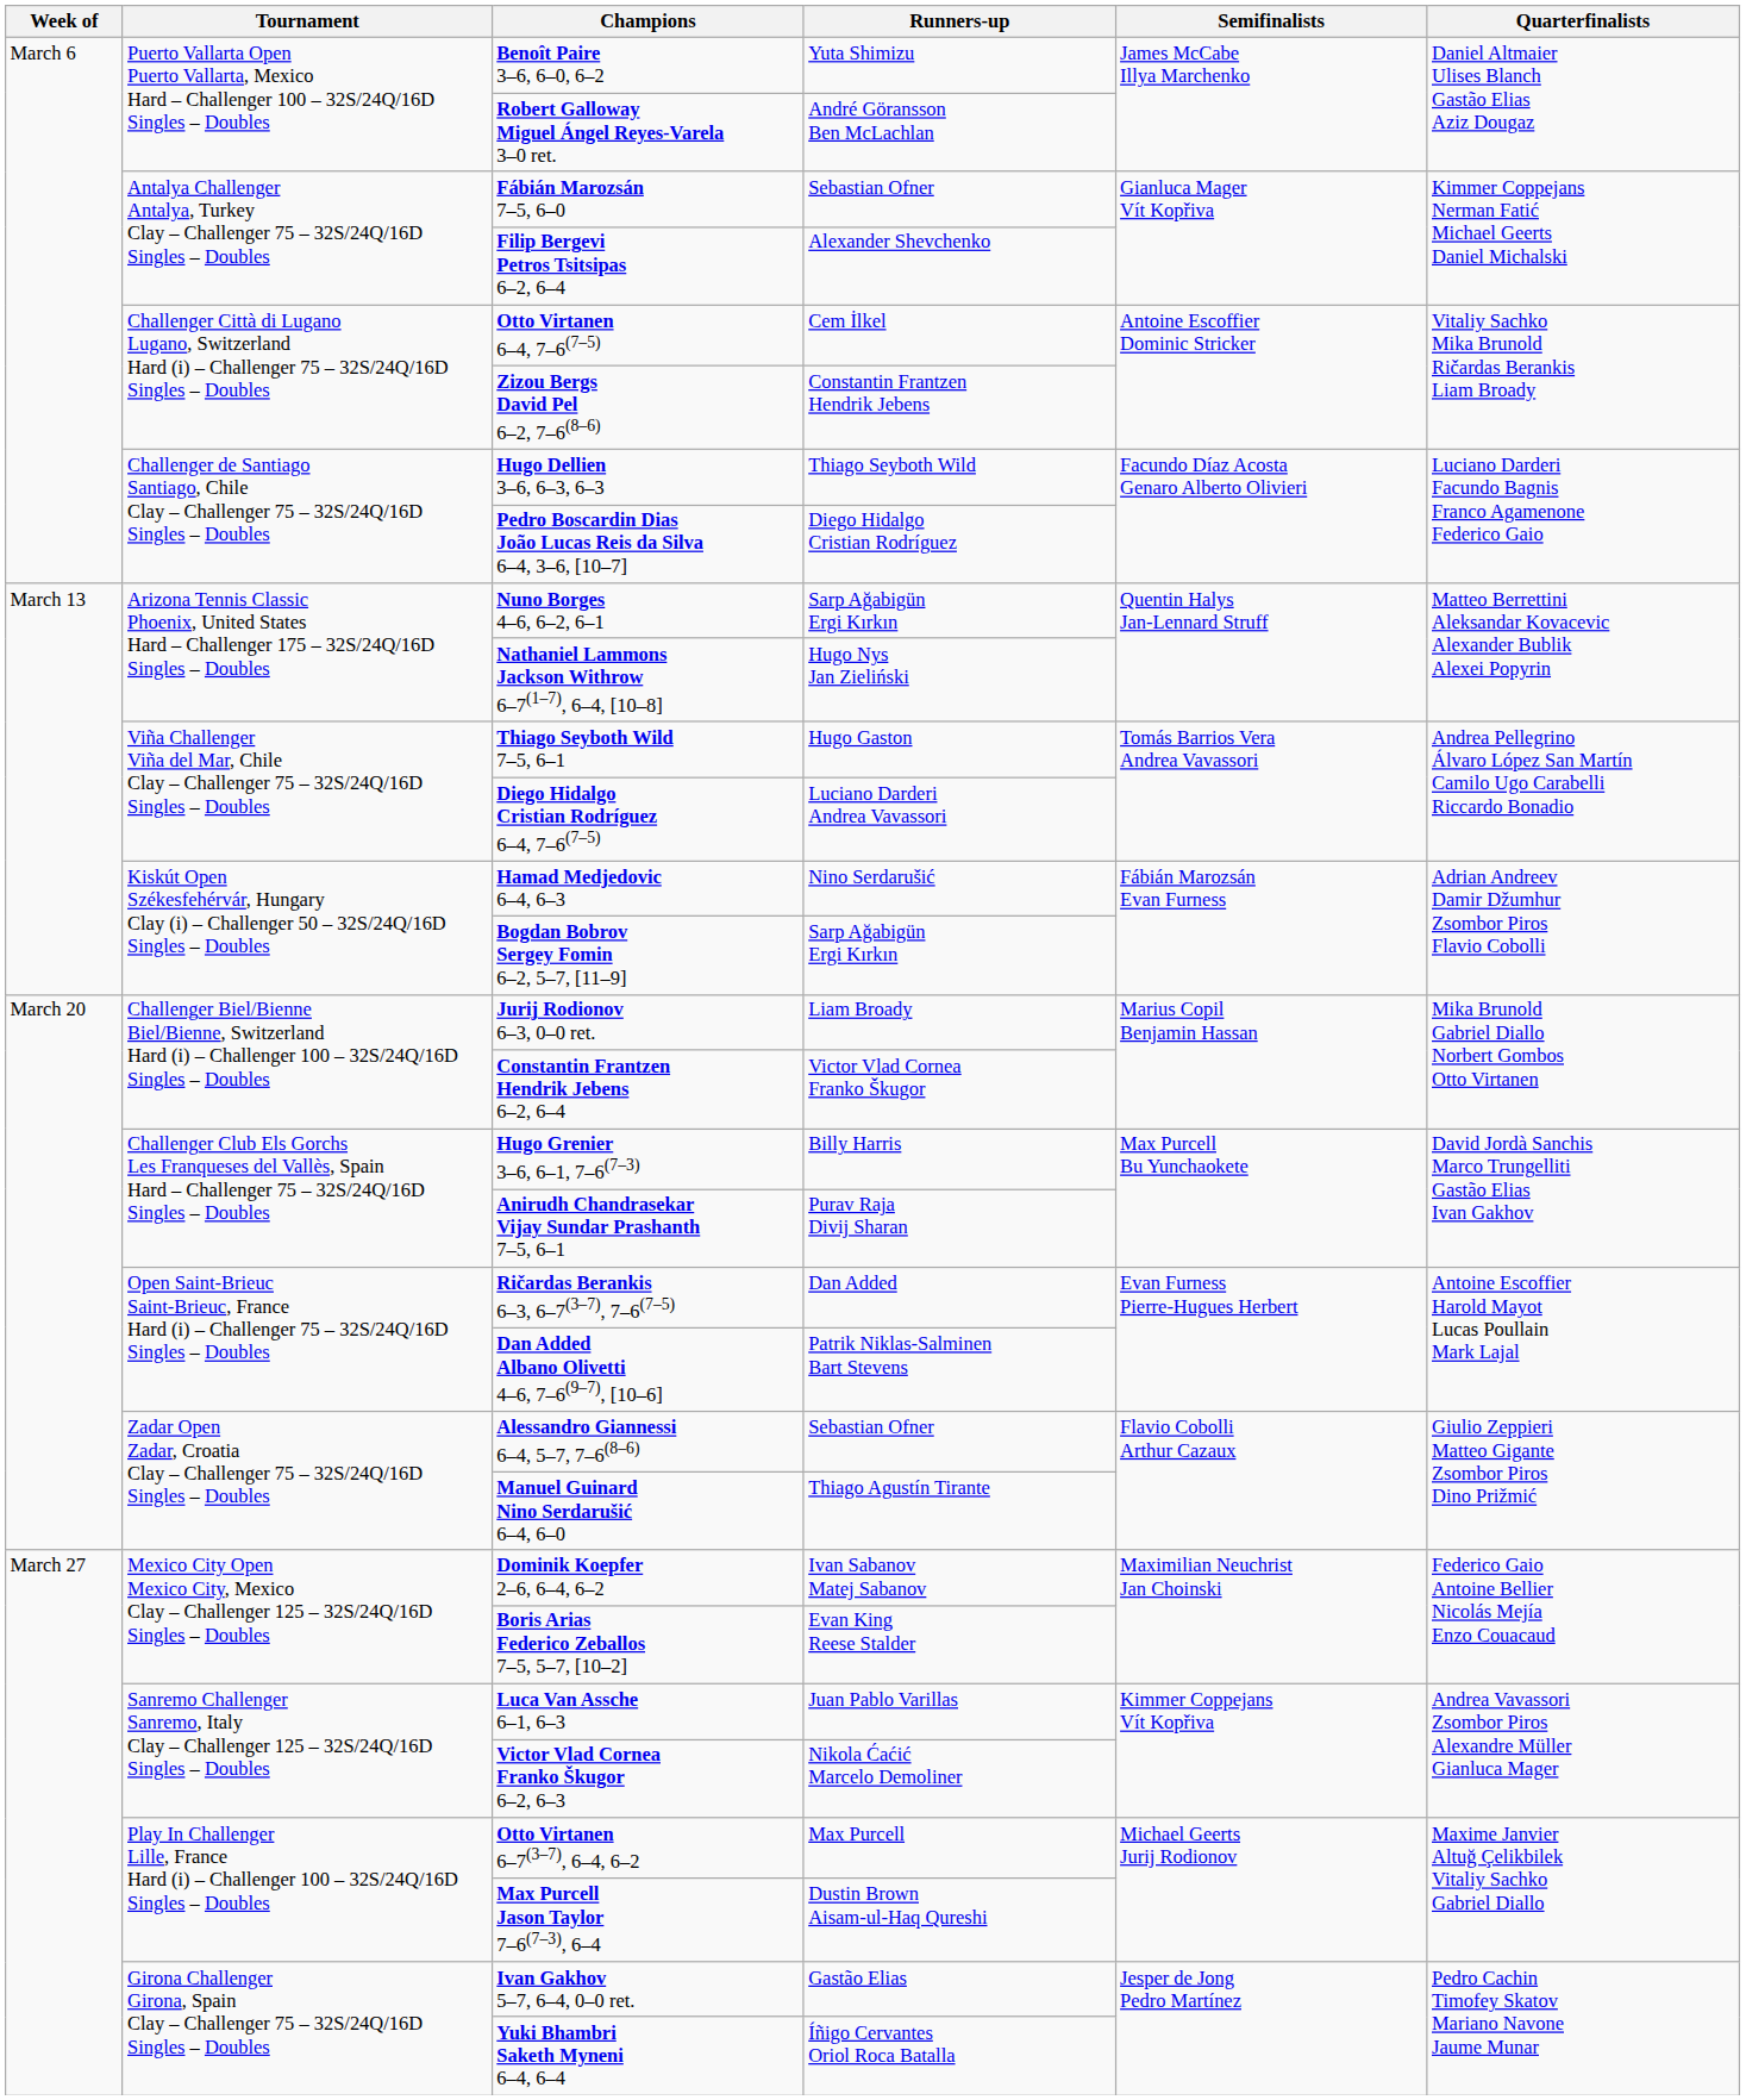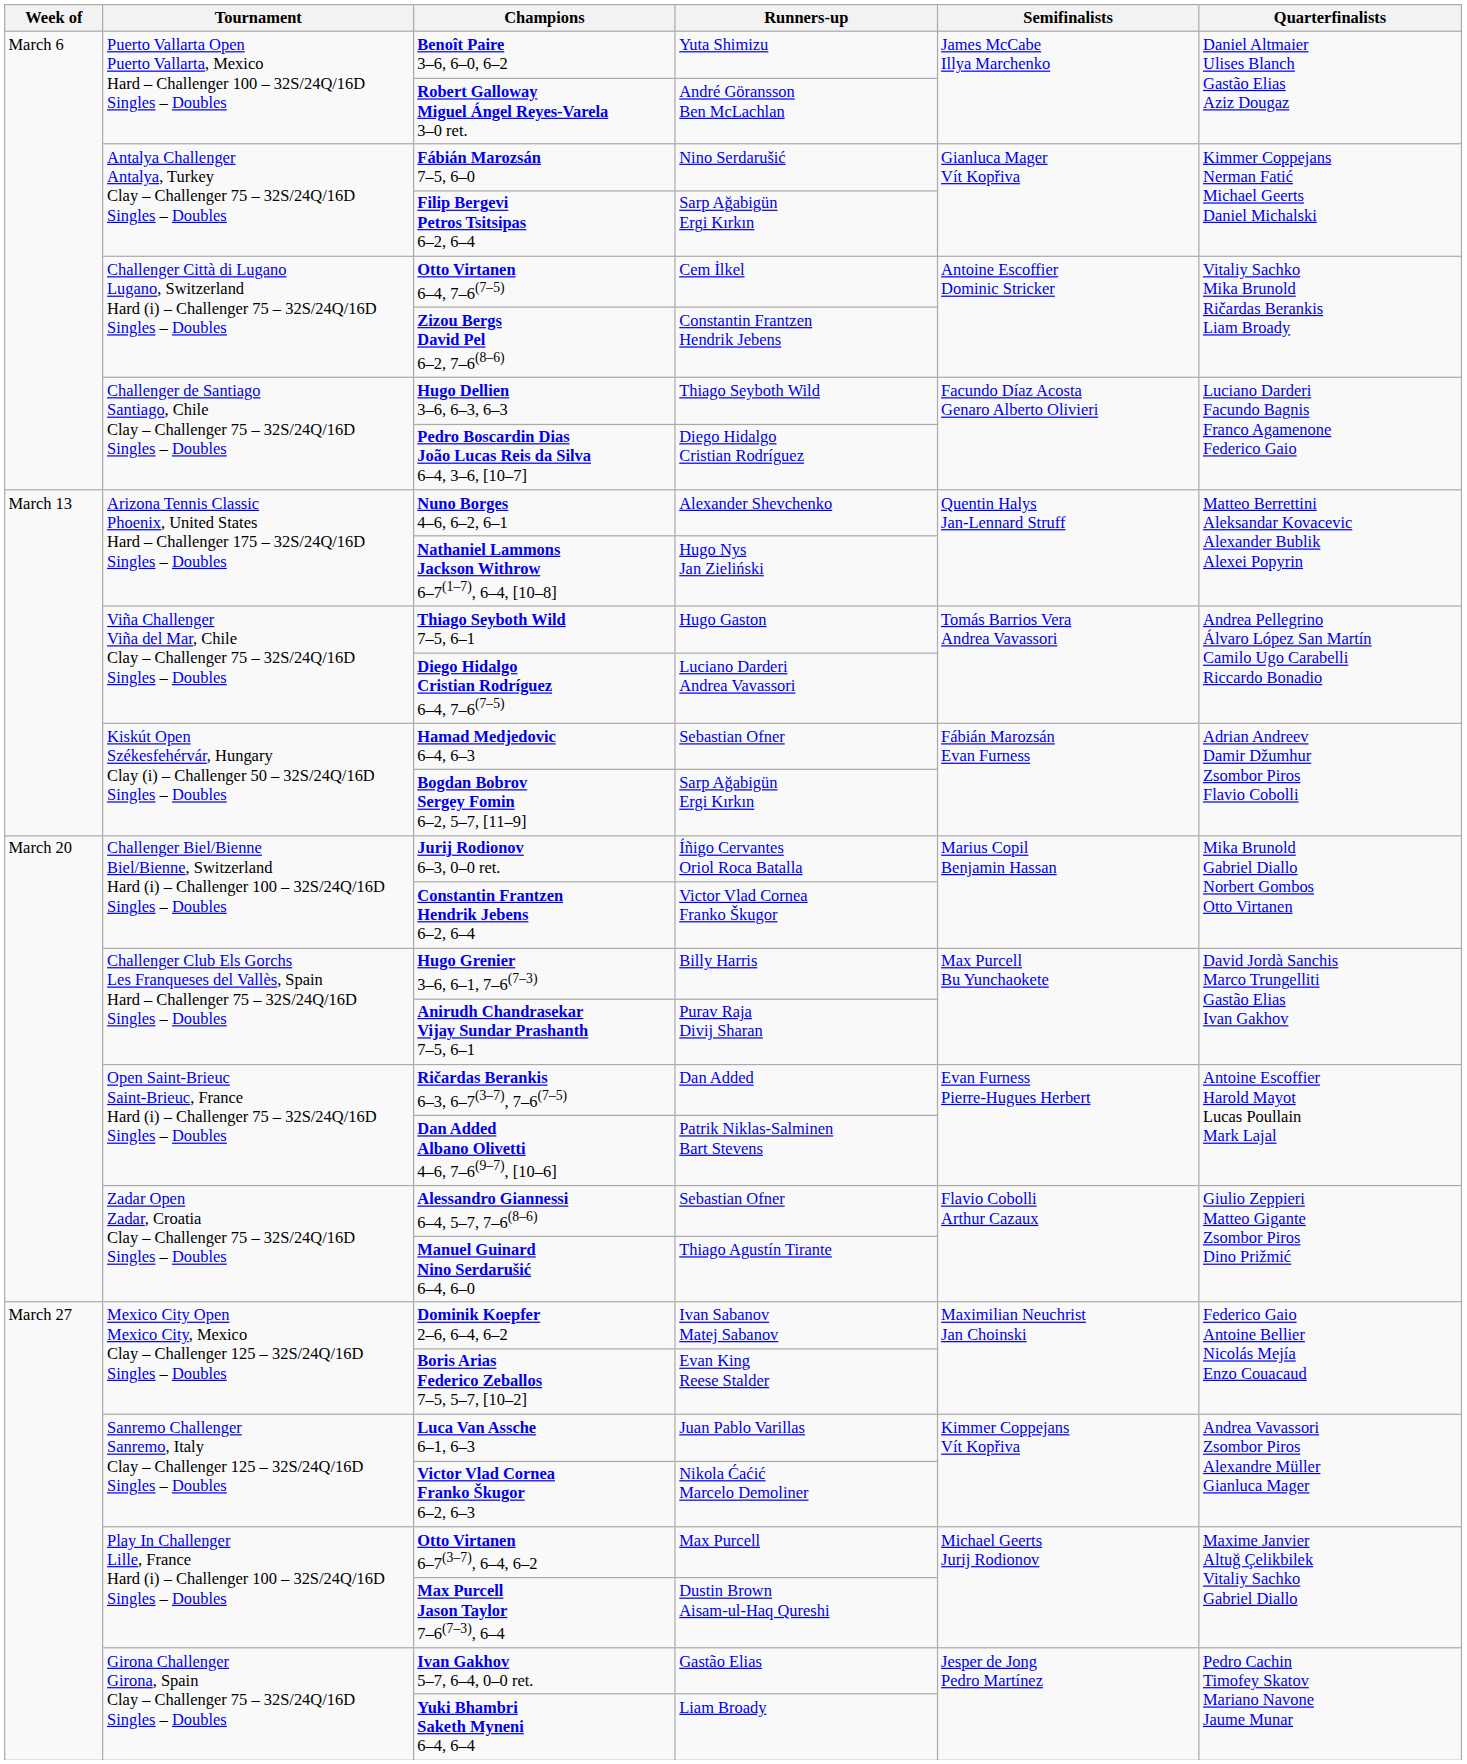 <table class="wikitable" style="font-size:85%;">
 <tr>
 <th width="75">Week of</th>
 <th width="250">Tournament</th>
 <th width="210">Champions</th>
 <th width="210">Runners-up</th>
 <th width="210">Semifinalists</th>
 <th width="210">Quarterfinalists</th>
 </tr>
 <tr style="vertical-align:top">
 <td rowspan=8>March 6</td>
 <td rowspan=2><a href='#'>Puerto Vallarta Open</a><br><a href='#'>Puerto Vallarta</a>, Mexico <br> Hard – Challenger 100 – 32S/24Q/16D<br><a href='#'>Singles</a> – <a href='#'>Doubles</a></td>
 <td> <strong><a href='#'>Benoît Paire</a></strong><br>3–6, 6–0, 6–2</td>
 <td> <a href='#'>Yuta Shimizu</a></td>
 <td rowspan=2> <a href='#'>James McCabe</a> <br>  <a href='#'>Illya Marchenko</a></td>
 <td rowspan=2> <a href='#'>Daniel Altmaier</a> <br> <a href='#'>Ulises Blanch</a> <br> <a href='#'>Gastão Elias</a> <br>  <a href='#'>Aziz Dougaz</a></td>
 </tr>
 <tr style="vertical-align:top">
 <td> <strong><a href='#'>Robert Galloway</a></strong><br> <strong><a href='#'>Miguel Ángel Reyes-Varela</a></strong><br>3–0 ret.</td>
 <td> <a href='#'>André Göransson</a><br> <a href='#'>Ben McLachlan</a></td>
 </tr>
 <tr style="vertical-align:top">
 <td rowspan=2><a href='#'>Antalya Challenger</a><br><a href='#'>Antalya</a>, Turkey <br> Clay – Challenger 75 – 32S/24Q/16D<br><a href='#'>Singles</a> – <a href='#'>Doubles</a></td>
 <td> <strong><a href='#'>Fábián Marozsán</a></strong><br>7–5, 6–0</td>
-<td> <a href='#'>Sebastian Ofner</a></td>
+<td> <a href='#'>Nino Serdarušić</a></td>
 <td rowspan=2> <a href='#'>Gianluca Mager</a> <br>  <a href='#'>Vít Kopřiva</a></td>
 <td rowspan=2> <a href='#'>Kimmer Coppejans</a> <br> <a href='#'>Nerman Fatić</a> <br> <a href='#'>Michael Geerts</a> <br>  <a href='#'>Daniel Michalski</a></td>
 </tr>
 <tr style="vertical-align:top">
 <td> <strong><a href='#'>Filip Bergevi</a></strong><br> <strong><a href='#'>Petros Tsitsipas</a></strong><br>6–2, 6–4</td>
-<td><a href='#'>Alexander Shevchenko</a></td>
+<td> <a href='#'>Sarp Ağabigün</a><br> <a href='#'>Ergi Kırkın</a></td>
 </tr>
 <tr style="vertical-align:top">
 <td rowspan=2><a href='#'>Challenger Città di Lugano</a><br><a href='#'>Lugano</a>, Switzerland <br> Hard (i) – Challenger 75 – 32S/24Q/16D<br><a href='#'>Singles</a> – <a href='#'>Doubles</a></td>
 <td> <strong><a href='#'>Otto Virtanen</a></strong><br>6–4, 7–6<sup>(7–5)</sup></td>
 <td> <a href='#'>Cem İlkel</a></td>
 <td rowspan=2> <a href='#'>Antoine Escoffier</a> <br>  <a href='#'>Dominic Stricker</a></td>
 <td rowspan=2> <a href='#'>Vitaliy Sachko</a> <br> <a href='#'>Mika Brunold</a> <br> <a href='#'>Ričardas Berankis</a> <br>  <a href='#'>Liam Broady</a></td>
 </tr>
 <tr style="vertical-align:top">
 <td> <strong><a href='#'>Zizou Bergs</a></strong><br> <strong><a href='#'>David Pel</a></strong><br>6–2, 7–6<sup>(8–6)</sup></td>
 <td> <a href='#'>Constantin Frantzen</a><br> <a href='#'>Hendrik Jebens</a></td>
 </tr>
 <tr style="vertical-align:top">
 <td rowspan=2><a href='#'>Challenger de Santiago</a><br><a href='#'>Santiago</a>, Chile <br> Clay – Challenger 75 – 32S/24Q/16D<br><a href='#'>Singles</a> – <a href='#'>Doubles</a></td>
 <td> <strong><a href='#'>Hugo Dellien</a></strong><br>3–6, 6–3, 6–3</td>
 <td> <a href='#'>Thiago Seyboth Wild</a></td>
 <td rowspan=2> <a href='#'>Facundo Díaz Acosta</a> <br>  <a href='#'>Genaro Alberto Olivieri</a></td>
 <td rowspan=2> <a href='#'>Luciano Darderi</a> <br> <a href='#'>Facundo Bagnis</a> <br> <a href='#'>Franco Agamenone</a> <br>  <a href='#'>Federico Gaio</a></td>
 </tr>
 <tr style="vertical-align:top">
 <td> <strong><a href='#'>Pedro Boscardin Dias</a></strong><br> <strong><a href='#'>João Lucas Reis da Silva</a></strong><br>6–4, 3–6, [10–7]</td>
 <td> <a href='#'>Diego Hidalgo</a><br> <a href='#'>Cristian Rodríguez</a></td>
 </tr>
 <tr style="vertical-align:top">
 <td rowspan=6>March 13</td>
 <td rowspan=2><a href='#'>Arizona Tennis Classic</a><br><a href='#'>Phoenix</a>, United States <br> Hard – Challenger 175 – 32S/24Q/16D<br><a href='#'>Singles</a> – <a href='#'>Doubles</a></td>
 <td> <strong><a href='#'>Nuno Borges</a></strong><br>4–6, 6–2, 6–1</td>
-<td> <a href='#'>Sarp Ağabigün</a><br> <a href='#'>Ergi Kırkın</a></td>
+<td><a href='#'>Alexander Shevchenko</a></td>
 <td rowspan=2> <a href='#'>Quentin Halys</a> <br>  <a href='#'>Jan-Lennard Struff</a></td>
 <td rowspan=2> <a href='#'>Matteo Berrettini</a> <br> <a href='#'>Aleksandar Kovacevic</a> <br> <a href='#'>Alexander Bublik</a> <br>  <a href='#'>Alexei Popyrin</a></td>
 </tr>
 <tr style="vertical-align:top">
 <td> <strong><a href='#'>Nathaniel Lammons</a></strong><br> <strong><a href='#'>Jackson Withrow</a></strong><br>6–7<sup>(1–7)</sup>, 6–4, [10–8]</td>
 <td> <a href='#'>Hugo Nys</a><br> <a href='#'>Jan Zieliński</a></td>
 </tr>
 <tr style="vertical-align:top">
 <td rowspan=2><a href='#'>Viña Challenger</a><br><a href='#'>Viña del Mar</a>, Chile <br> Clay – Challenger 75 – 32S/24Q/16D<br><a href='#'>Singles</a> – <a href='#'>Doubles</a></td>
 <td> <strong><a href='#'>Thiago Seyboth Wild</a></strong><br>7–5, 6–1</td>
 <td> <a href='#'>Hugo Gaston</a></td>
 <td rowspan=2> <a href='#'>Tomás Barrios Vera</a> <br>  <a href='#'>Andrea Vavassori</a></td>
 <td rowspan=2> <a href='#'>Andrea Pellegrino</a> <br> <a href='#'>Álvaro López San Martín</a> <br> <a href='#'>Camilo Ugo Carabelli</a> <br>  <a href='#'>Riccardo Bonadio</a></td>
 </tr>
 <tr style="vertical-align:top">
 <td> <strong><a href='#'>Diego Hidalgo</a></strong><br> <strong><a href='#'>Cristian Rodríguez</a></strong><br>6–4, 7–6<sup>(7–5)</sup></td>
 <td> <a href='#'>Luciano Darderi</a><br> <a href='#'>Andrea Vavassori</a></td>
 </tr>
 <tr style="vertical-align:top">
 <td rowspan=2><a href='#'>Kiskút Open</a><br><a href='#'>Székesfehérvár</a>, Hungary <br> Clay (i) – Challenger 50 – 32S/24Q/16D<br><a href='#'>Singles</a> – <a href='#'>Doubles</a></td>
 <td> <strong><a href='#'>Hamad Medjedovic</a></strong><br>6–4, 6–3</td>
-<td> <a href='#'>Nino Serdarušić</a></td>
+<td> <a href='#'>Sebastian Ofner</a></td>
 <td rowspan=2> <a href='#'>Fábián Marozsán</a> <br>  <a href='#'>Evan Furness</a></td>
 <td rowspan=2> <a href='#'>Adrian Andreev</a> <br> <a href='#'>Damir Džumhur</a> <br> <a href='#'>Zsombor Piros</a> <br>  <a href='#'>Flavio Cobolli</a></td>
 </tr>
 <tr style="vertical-align:top">
 <td><strong><a href='#'>Bogdan Bobrov</a></strong><br> <strong><a href='#'>Sergey Fomin</a></strong><br>6–2, 5–7, [11–9]</td>
 <td> <a href='#'>Sarp Ağabigün</a><br> <a href='#'>Ergi Kırkın</a></td>
 </tr>
 <tr style="vertical-align:top">
 <td rowspan=8>March 20</td>
 <td rowspan=2><a href='#'>Challenger Biel/Bienne</a><br><a href='#'>Biel/Bienne</a>, Switzerland <br> Hard (i) – Challenger 100 – 32S/24Q/16D<br><a href='#'>Singles</a> – <a href='#'>Doubles</a></td>
 <td> <strong><a href='#'>Jurij Rodionov</a></strong><br>6–3, 0–0 ret.</td>
-<td> <a href='#'>Liam Broady</a></td>
+<td> <a href='#'>Íñigo Cervantes</a><br> <a href='#'>Oriol Roca Batalla</a></td>
 <td rowspan=2> <a href='#'>Marius Copil</a> <br>  <a href='#'>Benjamin Hassan</a></td>
 <td rowspan=2> <a href='#'>Mika Brunold</a> <br> <a href='#'>Gabriel Diallo</a> <br> <a href='#'>Norbert Gombos</a> <br>  <a href='#'>Otto Virtanen</a></td>
 </tr>
 <tr style="vertical-align:top">
 <td> <strong><a href='#'>Constantin Frantzen</a></strong><br> <strong><a href='#'>Hendrik Jebens</a></strong><br>6–2, 6–4</td>
 <td> <a href='#'>Victor Vlad Cornea</a><br> <a href='#'>Franko Škugor</a></td>
 </tr>
 <tr style="vertical-align:top">
 <td rowspan=2><a href='#'>Challenger Club Els Gorchs</a><br><a href='#'>Les Franqueses del Vallès</a>, Spain <br> Hard – Challenger 75 – 32S/24Q/16D<br><a href='#'>Singles</a> – <a href='#'>Doubles</a></td>
 <td> <strong><a href='#'>Hugo Grenier</a></strong><br>3–6, 6–1, 7–6<sup>(7–3)</sup></td>
 <td> <a href='#'>Billy Harris</a></td>
 <td rowspan=2> <a href='#'>Max Purcell</a> <br>  <a href='#'>Bu Yunchaokete</a></td>
 <td rowspan=2> <a href='#'>David Jordà Sanchis</a> <br> <a href='#'>Marco Trungelliti</a> <br> <a href='#'>Gastão Elias</a> <br> <a href='#'>Ivan Gakhov</a></td>
 </tr>
 <tr style="vertical-align:top">
 <td> <strong><a href='#'>Anirudh Chandrasekar</a></strong><br> <strong><a href='#'>Vijay Sundar Prashanth</a></strong><br>7–5, 6–1</td>
 <td> <a href='#'>Purav Raja</a><br> <a href='#'>Divij Sharan</a></td>
 </tr>
 <tr style="vertical-align:top">
 <td rowspan=2><a href='#'>Open Saint-Brieuc</a><br><a href='#'>Saint-Brieuc</a>, France <br> Hard (i) – Challenger 75 – 32S/24Q/16D<br><a href='#'>Singles</a> – <a href='#'>Doubles</a></td>
 <td> <strong><a href='#'>Ričardas Berankis</a></strong><br>6–3, 6–7<sup>(3–7)</sup>, 7–6<sup>(7–5)</sup></td>
 <td> <a href='#'>Dan Added</a></td>
 <td rowspan=2> <a href='#'>Evan Furness</a> <br>  <a href='#'>Pierre-Hugues Herbert</a></td>
 <td rowspan=2> <a href='#'>Antoine Escoffier</a> <br> <a href='#'>Harold Mayot</a> <br> Lucas Poullain <br>  <a href='#'>Mark Lajal</a></td>
 </tr>
 <tr style="vertical-align:top">
 <td> <strong><a href='#'>Dan Added</a></strong><br> <strong><a href='#'>Albano Olivetti</a></strong><br>4–6, 7–6<sup>(9–7)</sup>, [10–6]</td>
 <td> <a href='#'>Patrik Niklas-Salminen</a><br> <a href='#'>Bart Stevens</a></td>
 </tr>
 <tr style="vertical-align:top">
 <td rowspan=2><a href='#'>Zadar Open</a><br><a href='#'>Zadar</a>, Croatia <br> Clay – Challenger 75 – 32S/24Q/16D<br><a href='#'>Singles</a> – <a href='#'>Doubles</a></td>
 <td> <strong><a href='#'>Alessandro Giannessi</a></strong><br>6–4, 5–7, 7–6<sup>(8–6)</sup></td>
 <td> <a href='#'>Sebastian Ofner</a></td>
 <td rowspan=2> <a href='#'>Flavio Cobolli</a> <br>  <a href='#'>Arthur Cazaux</a></td>
 <td rowspan=2> <a href='#'>Giulio Zeppieri</a> <br> <a href='#'>Matteo Gigante</a> <br> <a href='#'>Zsombor Piros</a> <br>  <a href='#'>Dino Prižmić</a></td>
 </tr>
 <tr style="vertical-align:top">
 <td> <strong><a href='#'>Manuel Guinard</a></strong><br> <strong><a href='#'>Nino Serdarušić</a></strong><br>6–4, 6–0</td>
 <td> <a href='#'>Thiago Agustín Tirante</a></td>
 </tr>
 <tr style="vertical-align:top">
 <td rowspan=8>March 27</td>
 <td rowspan=2><a href='#'>Mexico City Open</a><br><a href='#'>Mexico City</a>, Mexico <br> Clay – Challenger 125 – 32S/24Q/16D<br><a href='#'>Singles</a> – <a href='#'>Doubles</a></td>
 <td> <strong><a href='#'>Dominik Koepfer</a></strong><br>2–6, 6–4, 6–2</td>
 <td> <a href='#'>Ivan Sabanov</a><br> <a href='#'>Matej Sabanov</a></td>
 <td rowspan=2> <a href='#'>Maximilian Neuchrist</a> <br>  <a href='#'>Jan Choinski</a></td>
 <td rowspan=2> <a href='#'>Federico Gaio</a> <br> <a href='#'>Antoine Bellier</a> <br> <a href='#'>Nicolás Mejía</a> <br>  <a href='#'>Enzo Couacaud</a></td>
 </tr>
 <tr style="vertical-align:top">
 <td> <strong><a href='#'>Boris Arias</a></strong><br> <strong><a href='#'>Federico Zeballos</a></strong><br>7–5, 5–7, [10–2]</td>
 <td> <a href='#'>Evan King</a><br> <a href='#'>Reese Stalder</a></td>
 </tr>
 <tr style="vertical-align:top">
 <td rowspan=2><a href='#'>Sanremo Challenger</a><br><a href='#'>Sanremo</a>, Italy <br> Clay – Challenger 125 – 32S/24Q/16D<br><a href='#'>Singles</a> – <a href='#'>Doubles</a></td>
 <td> <strong><a href='#'>Luca Van Assche</a></strong><br>6–1, 6–3</td>
 <td> <a href='#'>Juan Pablo Varillas</a></td>
 <td rowspan=2> <a href='#'>Kimmer Coppejans</a> <br>  <a href='#'>Vít Kopřiva</a></td>
 <td rowspan=2> <a href='#'>Andrea Vavassori</a> <br> <a href='#'>Zsombor Piros</a> <br> <a href='#'>Alexandre Müller</a> <br>  <a href='#'>Gianluca Mager</a></td>
 </tr>
 <tr style="vertical-align:top">
 <td> <strong><a href='#'>Victor Vlad Cornea</a></strong><br> <strong><a href='#'>Franko Škugor</a></strong><br>6–2, 6–3</td>
 <td> <a href='#'>Nikola Ćaćić</a><br> <a href='#'>Marcelo Demoliner</a></td>
 </tr>
 <tr style="vertical-align:top">
 <td rowspan=2><a href='#'>Play In Challenger</a><br><a href='#'>Lille</a>, France <br> Hard (i) – Challenger 100 – 32S/24Q/16D<br><a href='#'>Singles</a> – <a href='#'>Doubles</a></td>
 <td> <strong><a href='#'>Otto Virtanen</a></strong><br>6–7<sup>(3–7)</sup>, 6–4, 6–2</td>
 <td> <a href='#'>Max Purcell</a></td>
 <td rowspan=2> <a href='#'>Michael Geerts</a> <br>  <a href='#'>Jurij Rodionov</a></td>
 <td rowspan=2> <a href='#'>Maxime Janvier</a> <br> <a href='#'>Altuğ Çelikbilek</a> <br> <a href='#'>Vitaliy Sachko</a> <br>  <a href='#'>Gabriel Diallo</a></td>
 </tr>
 <tr style="vertical-align:top">
 <td> <strong><a href='#'>Max Purcell</a></strong><br> <strong><a href='#'>Jason Taylor</a></strong><br>7–6<sup>(7–3)</sup>, 6–4</td>
 <td> <a href='#'>Dustin Brown</a><br> <a href='#'>Aisam-ul-Haq Qureshi</a></td>
 </tr>
 <tr style="vertical-align:top">
 <td rowspan=2><a href='#'>Girona Challenger</a><br><a href='#'>Girona</a>, Spain <br> Clay – Challenger 75 – 32S/24Q/16D<br><a href='#'>Singles</a> – <a href='#'>Doubles</a></td>
 <td><strong><a href='#'>Ivan Gakhov</a></strong><br>5–7, 6–4, 0–0 ret.</td>
 <td> <a href='#'>Gastão Elias</a></td>
 <td rowspan=2> <a href='#'>Jesper de Jong</a> <br>  <a href='#'>Pedro Martínez</a></td>
 <td rowspan=2> <a href='#'>Pedro Cachin</a> <br> <a href='#'>Timofey Skatov</a> <br> <a href='#'>Mariano Navone</a> <br>  <a href='#'>Jaume Munar</a></td>
 </tr>
 <tr style="vertical-align:top">
 <td> <strong><a href='#'>Yuki Bhambri</a></strong><br> <strong><a href='#'>Saketh Myneni</a></strong><br>6–4, 6–4</td>
-<td> <a href='#'>Íñigo Cervantes</a><br> <a href='#'>Oriol Roca Batalla</a></td>
+<td> <a href='#'>Liam Broady</a></td>
 </tr>
 </table>
